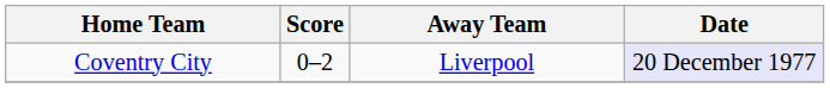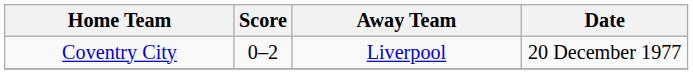 <table class="wikitable" style="text-align:center;">
 <tr>
 <th width=175>Home Team</th>
 <th width=20>Score</th>
 <th width=175>Away Team</th>
 <th width=125>Date</th>
 </tr>
 <tr>
 <td><a href='#'>Coventry City</a></td>
 <td>0–2</td>
 <td><a href='#'>Liverpool</a></td>
-<td style="background: lavender;">20 December 1977</td>
+<td>20 December 1977</td>
 </tr>
 <tr>
 </tr>
 </table>
